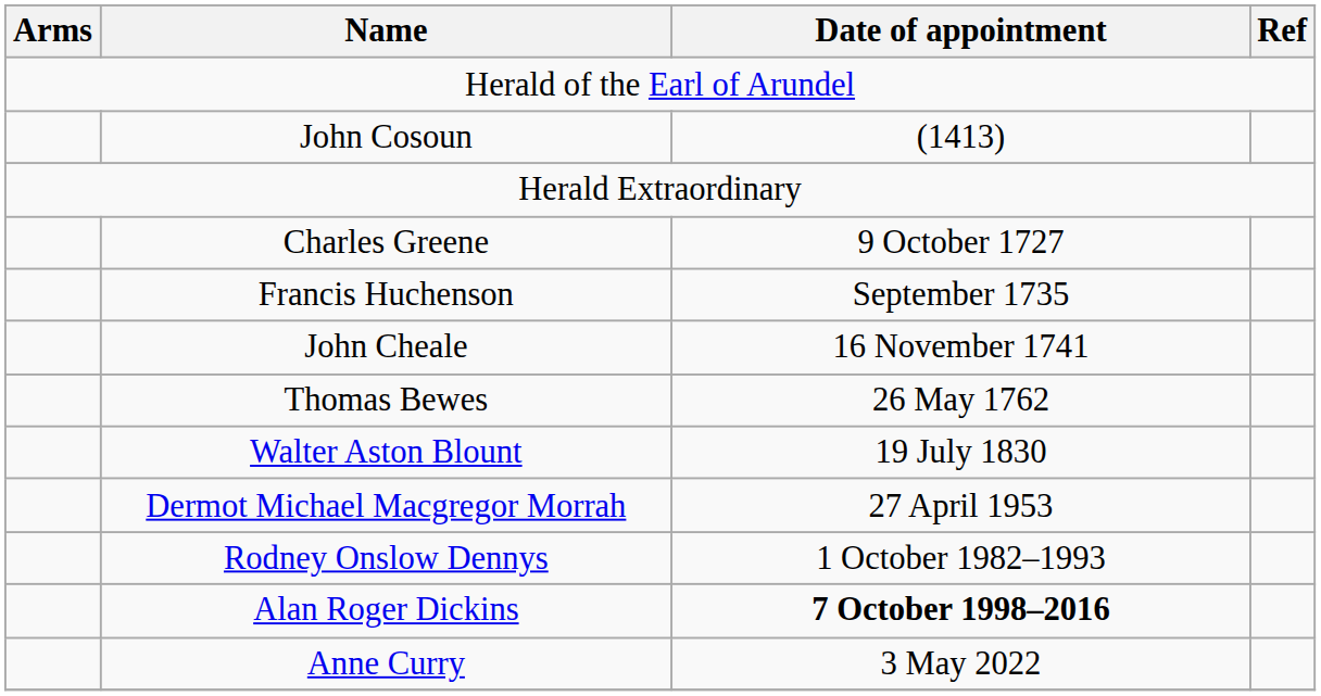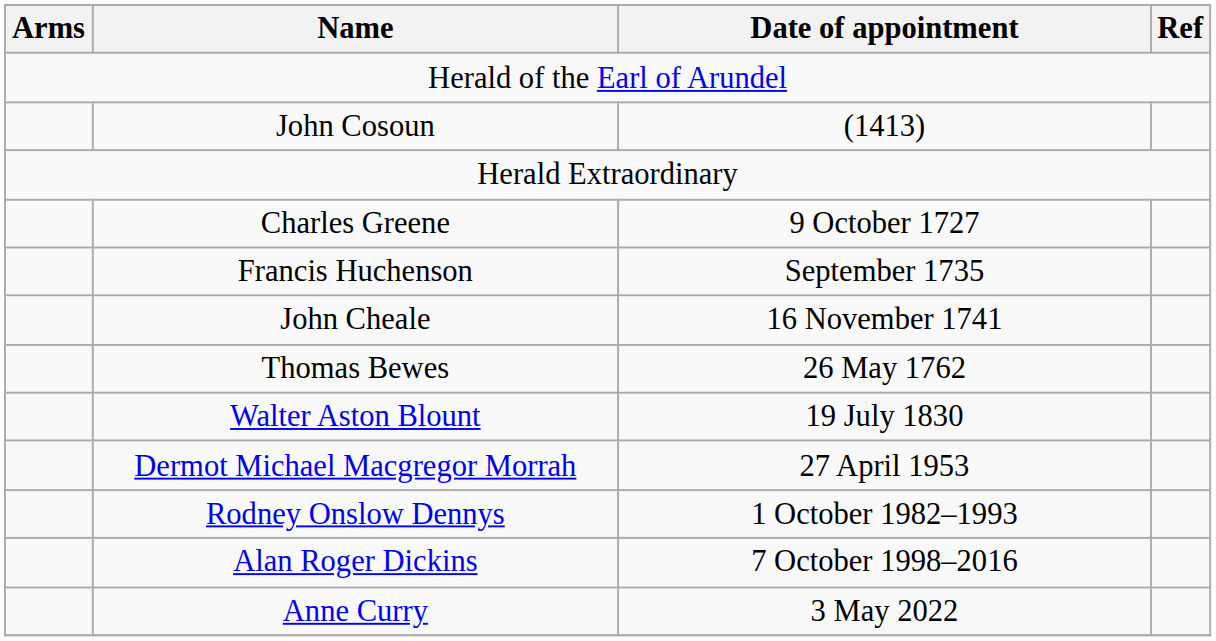 <table class="wikitable" style="text-align:center; width:50%">
 <tr>
 <th>Arms</th>
 <th style="width:50%">Name</th>
 <th style="width:50%">Date of appointment</th>
 <th style="width:5%">Ref</th>
 </tr>
 <tr>
 <td colspan="5" align="center">Herald of the <a href='#'>Earl of Arundel</a></td>
 </tr>
 <tr>
 <td></td>
 <td>John Cosoun</td>
 <td>(1413)</td>
 <td></td>
 </tr>
 <tr>
 <td colspan="5" align="center">Herald Extraordinary</td>
 </tr>
 <tr>
 <td></td>
 <td>Charles Greene</td>
 <td>9 October 1727</td>
 <td></td>
 </tr>
 <tr>
 <td></td>
 <td>Francis Huchenson</td>
 <td>September 1735</td>
 <td></td>
 </tr>
 <tr>
 <td></td>
 <td>John Cheale</td>
 <td>16 November 1741</td>
 <td></td>
 </tr>
 <tr>
 <td></td>
 <td>Thomas Bewes</td>
 <td>26 May 1762</td>
 <td></td>
 </tr>
 <tr>
 <td></td>
 <td><a href='#'>Walter Aston Blount</a></td>
 <td>19 July 1830</td>
 <td></td>
 </tr>
 <tr>
 <td></td>
 <td><a href='#'>Dermot Michael Macgregor Morrah</a></td>
 <td>27 April 1953</td>
 <td></td>
 </tr>
 <tr>
 <td></td>
 <td><a href='#'>Rodney Onslow Dennys</a></td>
 <td>1 October 1982–1993</td>
 <td></td>
 </tr>
 <tr>
 <td></td>
 <td><a href='#'>Alan Roger Dickins</a></td>
-<td><strong>7 October 1998–2016</strong></td>
+<td>7 October 1998–2016</td>
 <td></td>
 </tr>
 <tr>
 <td></td>
 <td><a href='#'>Anne Curry</a></td>
 <td>3 May 2022</td>
 <td></td>
 </tr>
 <tr>
 </tr>
 </table>
